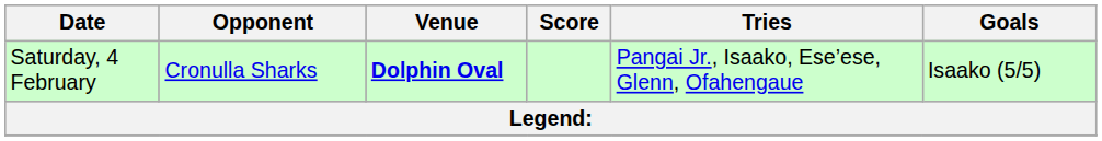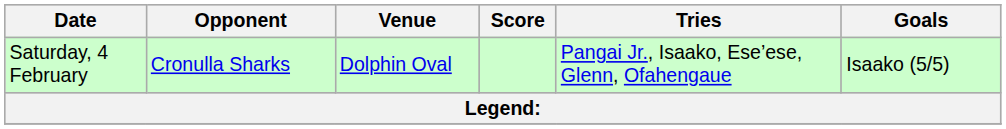 <table class="wikitable" style="font-size:75%;">
 <tr>
 <th width="115">Date</th>
 <th width="170">Opponent</th>
 <th width="130">Venue</th>
 <th width="50">Score</th>
 <th width="285">Tries</th>
 <th width="155">Goals</th>
 </tr>
 <tr bgcolor= #CCFFCC>
 <td>Saturday, 4 February</td>
 <td> <a href='#'>Cronulla Sharks</a></td>
-<td><strong><a href='#'>Dolphin Oval</a></strong></td>
+<td><a href='#'>Dolphin Oval</a></td>
 <td style="text-align:center;"></td>
 <td><a href='#'>Pangai Jr.</a>, Isaako, Ese’ese, <a href='#'>Glenn</a>, <a href='#'>Ofahengaue</a></td>
 <td>Isaako (5/5)</td>
 </tr>
 <tr>
 <th colspan="8"><strong>Legend</strong>:   </th>
 </tr>
 <tr>
 </tr>
 </table>
